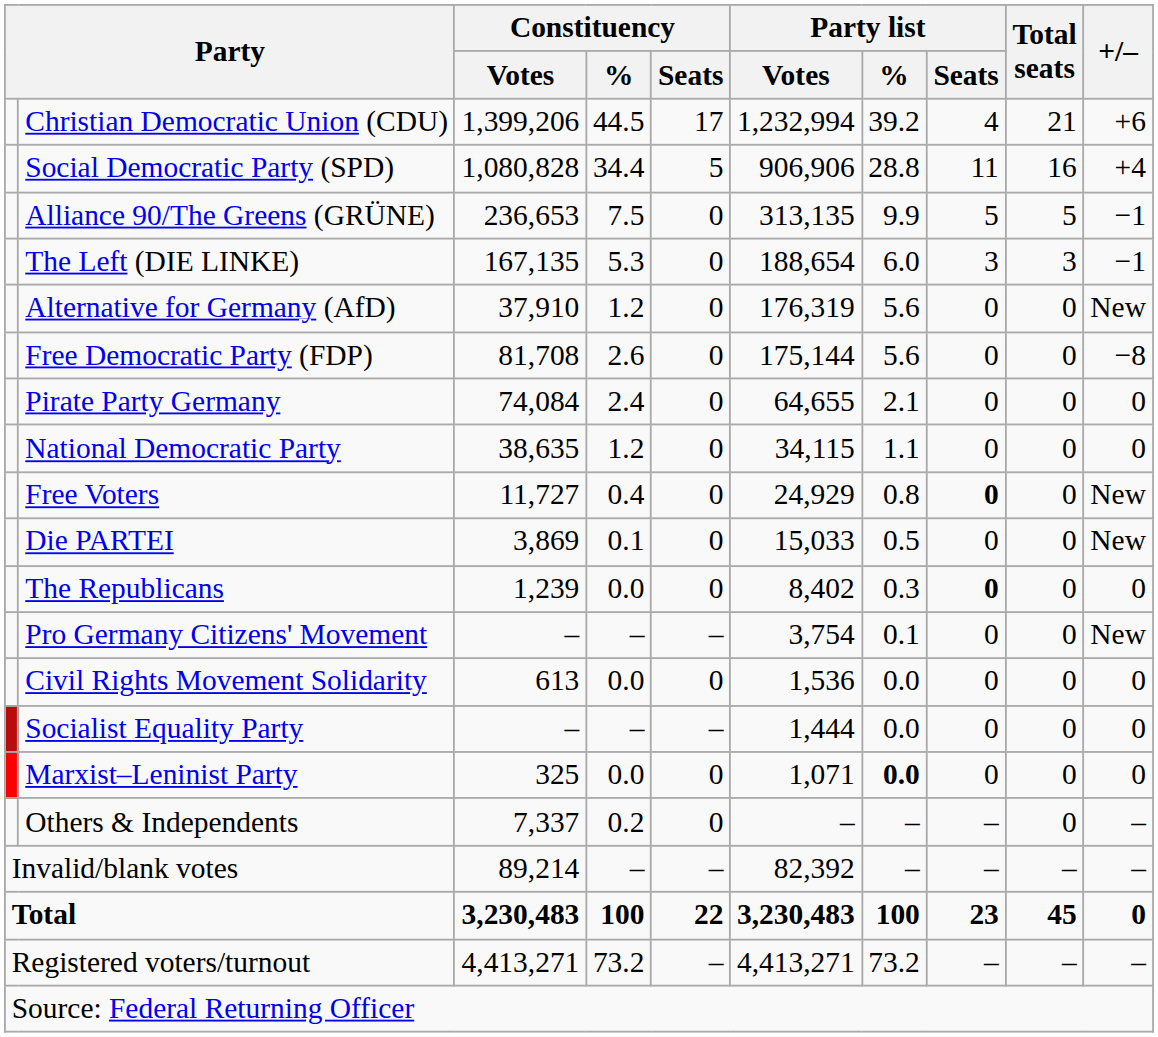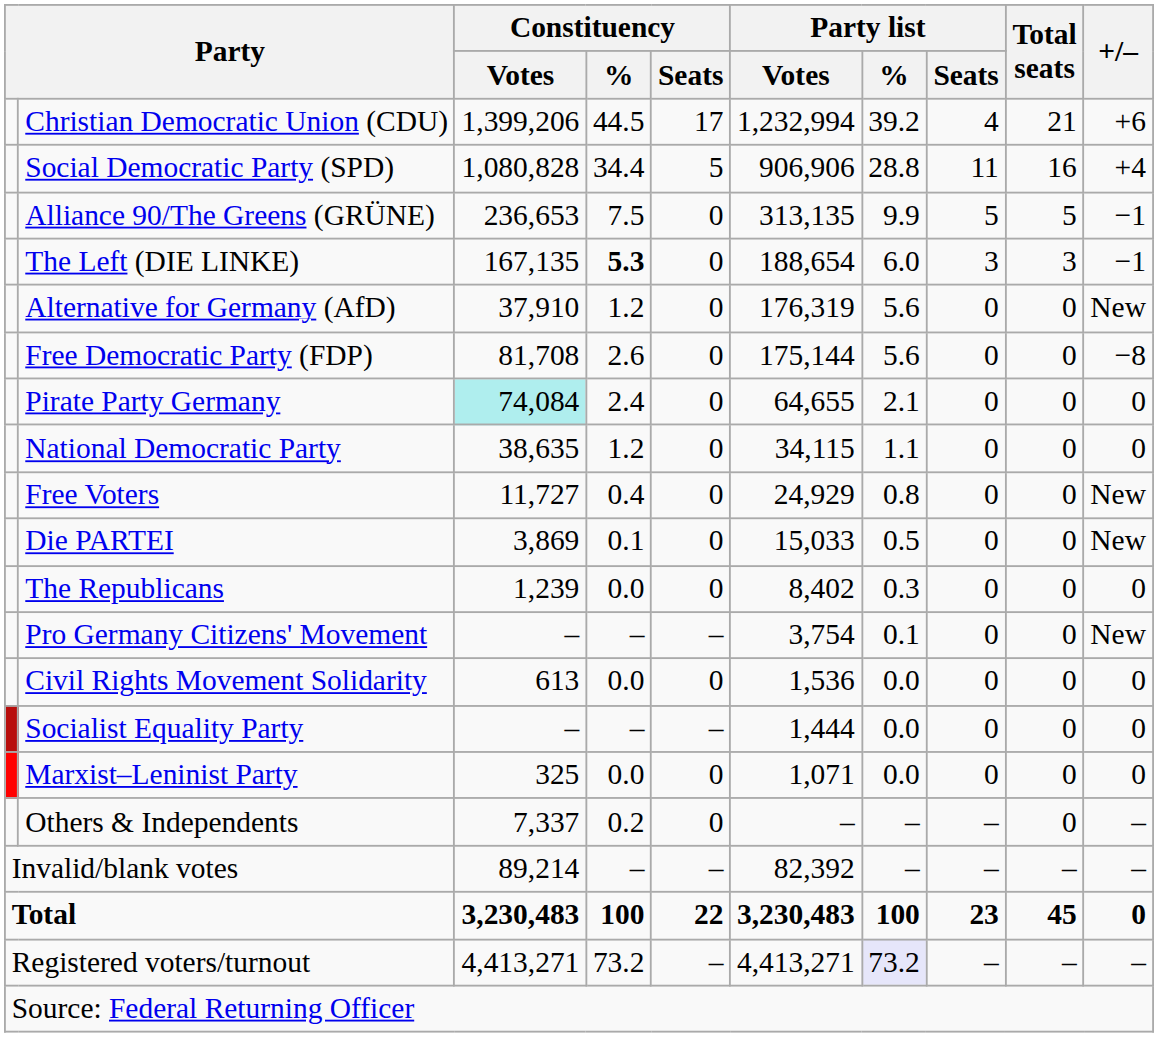 <table class="wikitable" style="text-align:right">
 <tr>
 <th colspan="2" rowspan="2">Party</th>
 <th colspan="3">Constituency</th>
 <th colspan="3">Party list</th>
 <th rowspan="2">Total<br>seats</th>
 <th rowspan="2">+/–</th>
 </tr>
 <tr>
 <th>Votes</th>
 <th>%</th>
 <th>Seats</th>
 <th>Votes</th>
 <th>%</th>
 <th>Seats</th>
 </tr>
 <tr>
 <td></td>
 <td align="left"><a href='#'>Christian Democratic Union</a> (CDU)</td>
 <td>1,399,206</td>
 <td>44.5</td>
 <td>17</td>
 <td>1,232,994</td>
 <td>39.2</td>
 <td>4</td>
 <td>21</td>
 <td>+6</td>
 </tr>
 <tr>
 <td></td>
 <td align="left"><a href='#'>Social Democratic Party</a> (SPD)</td>
 <td>1,080,828</td>
 <td>34.4</td>
 <td>5</td>
 <td>906,906</td>
 <td>28.8</td>
 <td>11</td>
 <td>16</td>
 <td>+4</td>
 </tr>
 <tr>
 <td></td>
 <td align="left"><a href='#'>Alliance 90/The Greens</a> (GRÜNE)</td>
 <td>236,653</td>
 <td>7.5</td>
 <td>0</td>
 <td>313,135</td>
 <td>9.9</td>
 <td>5</td>
 <td>5</td>
 <td>−1</td>
 </tr>
 <tr>
 <td></td>
 <td align="left"><a href='#'>The Left</a> (DIE LINKE)</td>
 <td>167,135</td>
-<td>5.3</td>
+<td><strong>5.3</strong></td>
 <td>0</td>
 <td>188,654</td>
 <td>6.0</td>
 <td>3</td>
 <td>3</td>
 <td>−1</td>
 </tr>
 <tr>
 <td></td>
 <td align="left"><a href='#'>Alternative for Germany</a> (AfD)</td>
 <td>37,910</td>
 <td>1.2</td>
 <td>0</td>
 <td>176,319</td>
 <td>5.6</td>
 <td>0</td>
 <td>0</td>
 <td>New</td>
 </tr>
 <tr>
 <td></td>
 <td align="left"><a href='#'>Free Democratic Party</a> (FDP)</td>
 <td>81,708</td>
 <td>2.6</td>
 <td>0</td>
 <td>175,144</td>
 <td>5.6</td>
 <td>0</td>
 <td>0</td>
 <td>−8</td>
 </tr>
 <tr>
 <td style="background-color:"></td>
 <td align="left"><a href='#'>Pirate Party Germany</a></td>
-<td>74,084</td>
+<td style="background: paleturquoise;">74,084</td>
 <td>2.4</td>
 <td>0</td>
 <td>64,655</td>
 <td>2.1</td>
 <td>0</td>
 <td>0</td>
 <td>0</td>
 </tr>
 <tr>
 <td style="background-color:"></td>
 <td align="left"><a href='#'>National Democratic Party</a></td>
 <td>38,635</td>
 <td>1.2</td>
 <td>0</td>
 <td>34,115</td>
 <td>1.1</td>
 <td>0</td>
 <td>0</td>
 <td>0</td>
 </tr>
 <tr>
 <td style="background-color:"></td>
 <td align="left"><a href='#'>Free Voters</a></td>
 <td>11,727</td>
 <td>0.4</td>
 <td>0</td>
 <td>24,929</td>
 <td>0.8</td>
-<td><strong>0</strong></td>
+<td>0</td>
 <td>0</td>
 <td>New</td>
 </tr>
 <tr>
 <td style="background-color:"></td>
 <td align="left"><a href='#'>Die PARTEI</a></td>
 <td>3,869</td>
 <td>0.1</td>
 <td>0</td>
 <td>15,033</td>
 <td>0.5</td>
 <td>0</td>
 <td>0</td>
 <td>New</td>
 </tr>
 <tr>
 <td style="background-color:"></td>
 <td align="left"><a href='#'>The Republicans</a></td>
 <td>1,239</td>
 <td>0.0</td>
 <td>0</td>
 <td>8,402</td>
 <td>0.3</td>
-<td><strong>0</strong></td>
+<td>0</td>
 <td>0</td>
 <td>0</td>
 </tr>
 <tr>
 <td></td>
 <td align="left"><a href='#'>Pro Germany Citizens' Movement</a></td>
 <td>–</td>
 <td>–</td>
 <td>–</td>
 <td>3,754</td>
 <td>0.1</td>
 <td>0</td>
 <td>0</td>
 <td>New</td>
 </tr>
 <tr>
 <td></td>
 <td align="left"><a href='#'>Civil Rights Movement Solidarity</a></td>
 <td>613</td>
 <td>0.0</td>
 <td>0</td>
 <td>1,536</td>
 <td>0.0</td>
 <td>0</td>
 <td>0</td>
 <td>0</td>
 </tr>
 <tr>
 <td style="background-color:#B80D0C"></td>
 <td align="left"><a href='#'>Socialist Equality Party</a></td>
 <td>–</td>
 <td>–</td>
 <td>–</td>
 <td>1,444</td>
 <td>0.0</td>
 <td>0</td>
 <td>0</td>
 <td>0</td>
 </tr>
 <tr>
 <td style="background-color:red"></td>
 <td align="left"><a href='#'>Marxist–Leninist Party</a></td>
 <td>325</td>
 <td>0.0</td>
 <td>0</td>
 <td>1,071</td>
-<td><strong>0.0</strong></td>
+<td>0.0</td>
 <td>0</td>
 <td>0</td>
 <td>0</td>
 </tr>
 <tr>
 <td></td>
 <td align="left">Others & Independents</td>
 <td>7,337</td>
 <td>0.2</td>
 <td>0</td>
 <td>–</td>
 <td>–</td>
 <td>–</td>
 <td>0</td>
 <td>–</td>
 </tr>
 <tr>
 <td colspan="2" align="left">Invalid/blank votes</td>
 <td>89,214</td>
 <td>–</td>
 <td>–</td>
 <td>82,392</td>
 <td>–</td>
 <td>–</td>
 <td>–</td>
 <td>–</td>
 </tr>
 <tr>
 <td colspan="2" align="left"><strong>Total</strong></td>
 <td><strong>3,230,483</strong></td>
 <td><strong>100</strong></td>
 <td><strong>22</strong></td>
 <td><strong>3,230,483</strong></td>
 <td><strong>100</strong></td>
 <td><strong>23</strong></td>
 <td><strong>45</strong></td>
 <td><strong>0</strong></td>
 </tr>
 <tr>
 <td colspan="2" align="left">Registered voters/turnout</td>
 <td>4,413,271</td>
 <td>73.2</td>
 <td>–</td>
 <td>4,413,271</td>
-<td>73.2</td>
+<td style="background: lavender;">73.2</td>
 <td>–</td>
 <td>–</td>
 <td>–</td>
 </tr>
 <tr>
 <td colspan="10" align="left">Source: <a href='#'>Federal Returning Officer</a></td>
 </tr>
 </table>
